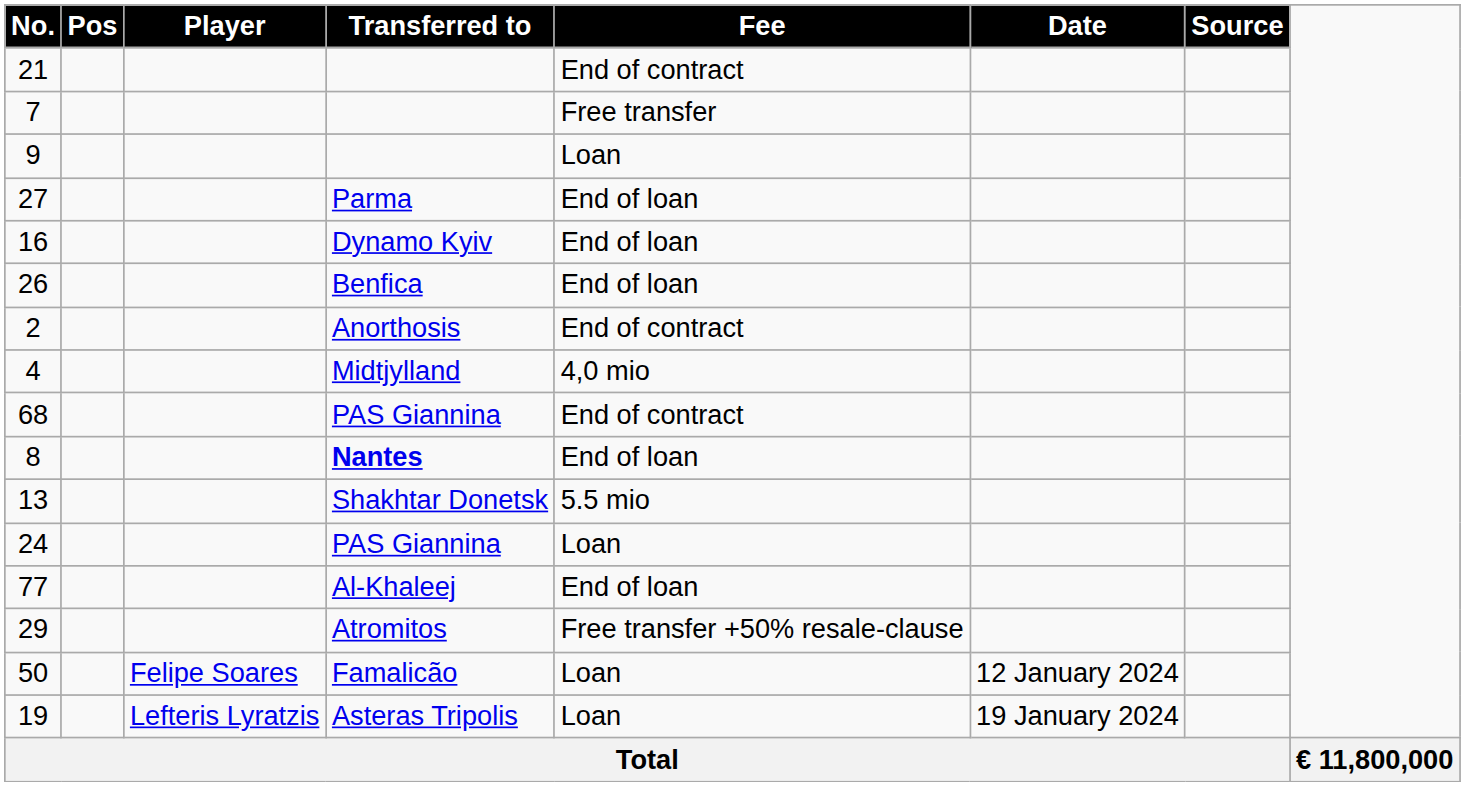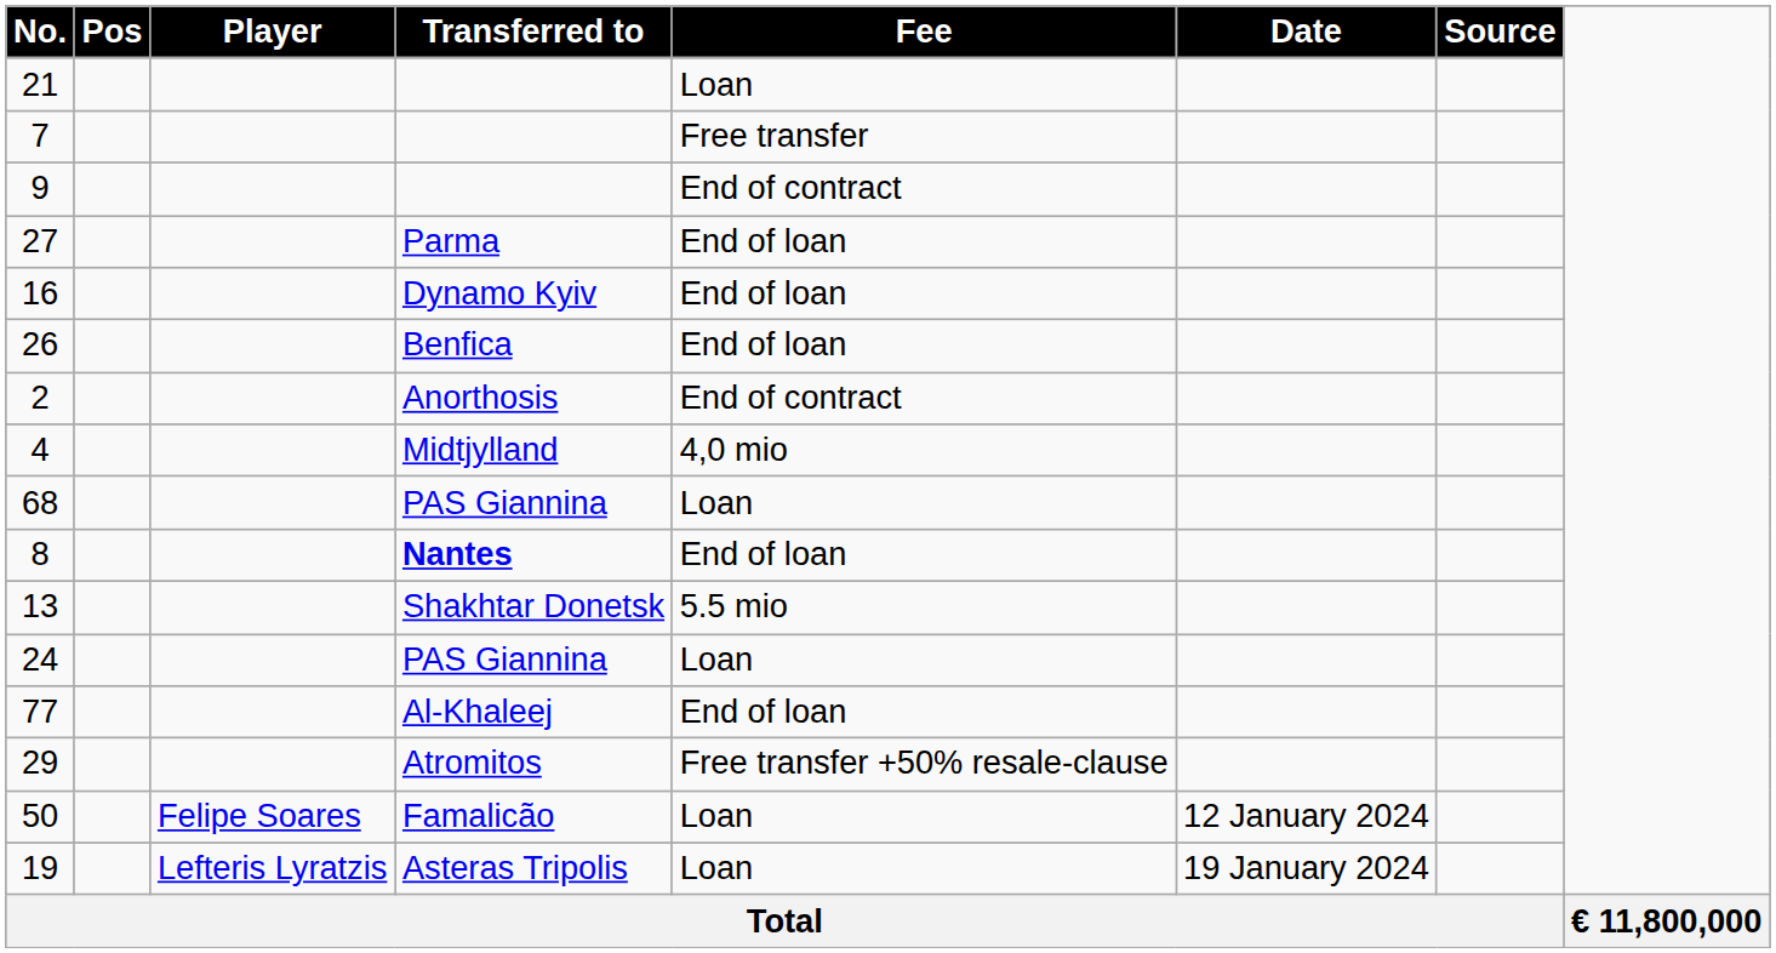 <table class="wikitable plainrowheaders sortable">
 <tr>
 <th style="background:black; color:#FFFFFF; ">No.</th>
 <th style="background:black; color:#FFFFFF; ">Pos</th>
 <th style="background:black; color:#FFFFFF; ">Player</th>
 <th style="background:black; color:#FFFFFF; ">Transferred to</th>
 <th style="background:black; color:#FFFFFF; ">Fee</th>
 <th style="background:black; color:#FFFFFF; ">Date</th>
 <th style="background:black; color:#FFFFFF; ">Source</th>
 </tr>
 <tr>
 <td align=center>21</td>
 <td align=center></td>
 <td></td>
 <td></td>
-<td>End of contract</td>
+<td>Loan</td>
 <td></td>
 <td></td>
 </tr>
 <tr>
 <td align=center>7</td>
 <td align=center></td>
 <td></td>
 <td></td>
 <td>Free transfer</td>
 <td></td>
 <td></td>
 </tr>
 <tr>
 <td align=center>9</td>
 <td align=center></td>
 <td></td>
 <td></td>
-<td>Loan</td>
+<td>End of contract</td>
 <td></td>
 <td></td>
 </tr>
 <tr>
 <td align=center>27</td>
 <td align=center></td>
 <td></td>
 <td> <a href='#'>Parma</a></td>
 <td>End of loan</td>
 <td></td>
 <td></td>
 </tr>
 <tr>
 <td align=center>16</td>
 <td align=center></td>
 <td></td>
 <td> <a href='#'>Dynamo Kyiv</a></td>
 <td>End of loan</td>
 <td></td>
 <td></td>
 </tr>
 <tr>
 <td align=center>26</td>
 <td align=center></td>
 <td></td>
 <td> <a href='#'>Benfica</a></td>
 <td>End of loan</td>
 <td></td>
 <td></td>
 </tr>
 <tr>
 <td align=center>2</td>
 <td align=center></td>
 <td></td>
 <td> <a href='#'>Anorthosis</a></td>
 <td>End of contract</td>
 <td></td>
 <td></td>
 </tr>
 <tr>
 <td align=center>4</td>
 <td align=center></td>
 <td></td>
 <td> <a href='#'>Midtjylland</a></td>
 <td>4,0 mio</td>
 <td></td>
 <td></td>
 </tr>
 <tr>
 <td align=center>68</td>
 <td align=center></td>
 <td></td>
 <td> <a href='#'>PAS Giannina</a></td>
-<td>End of contract</td>
+<td>Loan</td>
 <td></td>
 <td></td>
 </tr>
 <tr>
 <td align=center>8</td>
 <td align=center></td>
 <td></td>
 <td><strong> <a href='#'>Nantes</a></strong></td>
 <td>End of loan</td>
 <td></td>
 <td></td>
 </tr>
 <tr>
 <td align=center>13</td>
 <td align=center></td>
 <td></td>
 <td> <a href='#'>Shakhtar Donetsk</a></td>
 <td>5.5 mio</td>
 <td></td>
 <td></td>
 </tr>
 <tr>
 <td align=center>24</td>
 <td align=center></td>
 <td></td>
 <td> <a href='#'>PAS Giannina</a></td>
 <td>Loan</td>
 <td></td>
 <td></td>
 </tr>
 <tr>
 <td align=center>77</td>
 <td align=center></td>
 <td></td>
 <td> <a href='#'>Al-Khaleej</a></td>
 <td>End of loan</td>
 <td></td>
 <td></td>
 </tr>
 <tr>
 <td align=center>29</td>
 <td align=center></td>
 <td></td>
 <td> <a href='#'>Atromitos</a></td>
 <td>Free transfer +50% resale-clause</td>
 <td></td>
 <td></td>
 </tr>
 <tr>
 <td align=center>50</td>
 <td align=center></td>
 <td> <a href='#'>Felipe Soares</a></td>
 <td> <a href='#'>Famalicão</a></td>
 <td>Loan</td>
 <td>12 January 2024</td>
 <td></td>
 </tr>
 <tr>
 <td align=center>19</td>
 <td align=center></td>
 <td> <a href='#'>Lefteris Lyratzis</a></td>
 <td> <a href='#'>Asteras Tripolis</a></td>
 <td>Loan</td>
 <td>19 January 2024</td>
 <td></td>
 </tr>
 <tr>
 <th colspan="8">Total</th>
 <th colspan="2"> € 11,800,000</th>
 </tr>
 </table>
